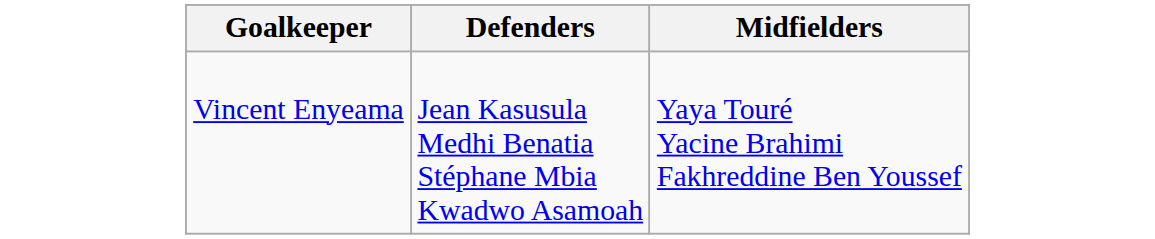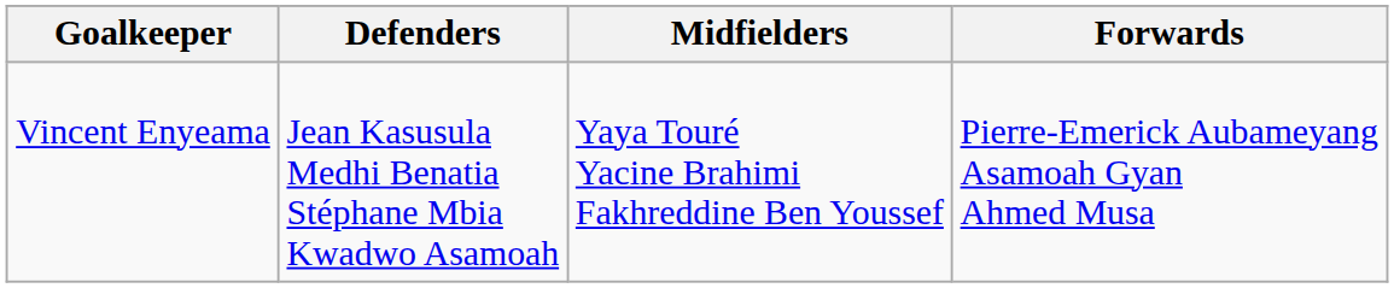 <table class="wikitable" style="margin:0 auto">
 <tr>
 <th>Goalkeeper</th>
 <th>Defenders</th>
 <th>Midfielders</th>
+<th>Forwards</th>
 </tr>
 <tr>
 <td align=left valign=top><br> <a href='#'>Vincent Enyeama</a></td>
 <td align=left valign=top><br> <a href='#'>Jean Kasusula</a><br>  <a href='#'>Medhi Benatia</a><br>  <a href='#'>Stéphane Mbia</a><br>  <a href='#'>Kwadwo Asamoah</a></td>
 <td align=left valign=top><br> <a href='#'>Yaya Touré</a><br>  <a href='#'>Yacine Brahimi</a><br>  <a href='#'>Fakhreddine Ben Youssef</a></td>
+<td align=left valign=top><br> <a href='#'>Pierre-Emerick Aubameyang</a><br>  <a href='#'>Asamoah Gyan</a><br>  <a href='#'>Ahmed Musa</a></td>
 </tr>
 </table>
